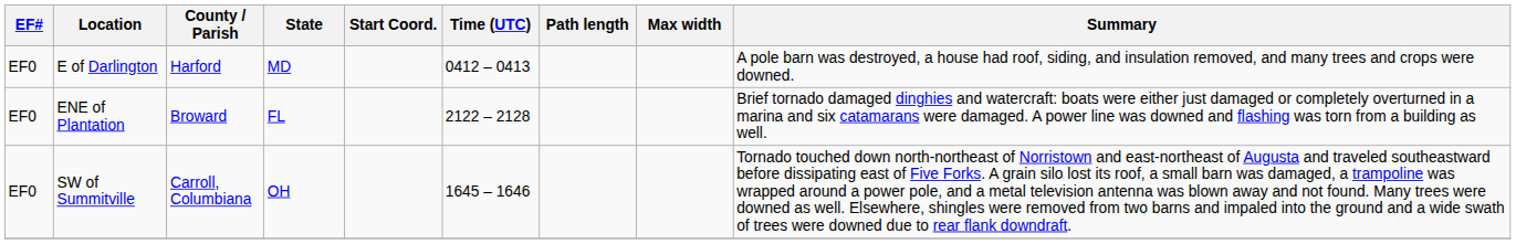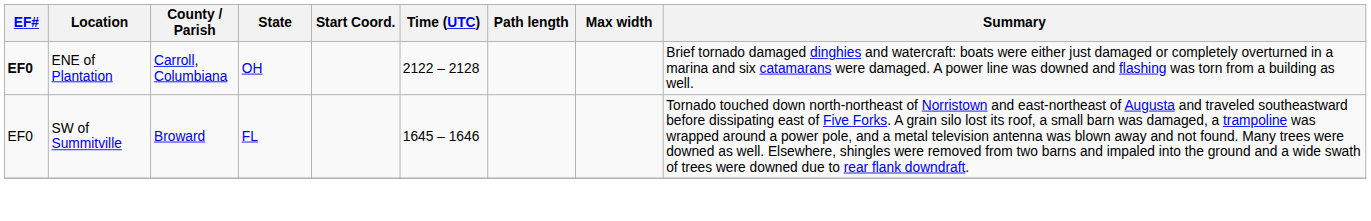 <table class="wikitable sortable" style="width:100%;">
 <tr>
 <th scope="col" width="3%" align="center"><a href='#'>EF#</a></th>
 <th scope="col" width="7%" align="center" class="unsortable">Location</th>
 <th scope="col" width="6%" align="center" class="unsortable">County / Parish</th>
 <th scope="col" width="5%" align="center">State</th>
 <th scope="col" width="6%" align="center">Start Coord.</th>
 <th scope="col" width="6%" align="center">Time (<a href='#'>UTC</a>)</th>
 <th scope="col" width="6%" align="center">Path length</th>
 <th scope="col" width="6%" align="center">Max width</th>
 <th scope="col" width="48%" class="unsortable" align="center">Summary</th>
 </tr>
 <tr>
-<td>EF0</td>
-<td>E of <a href='#'>Darlington</a></td>
-<td><a href='#'>Harford</a></td>
-<td><a href='#'>MD</a></td>
-<td></td>
-<td>0412 – 0413</td>
-<td></td>
-<td></td>
-<td>A pole barn was destroyed, a house had roof, siding, and insulation removed, and many trees and crops were downed.</td>
-</tr>
-<tr>
-<td>EF0</td>
+<td><strong>EF0</strong></td>
 <td>ENE of <a href='#'>Plantation</a></td>
-<td><a href='#'>Broward</a></td>
-<td><a href='#'>FL</a></td>
+<td><a href='#'>Carroll</a>, <a href='#'>Columbiana</a></td>
+<td><a href='#'>OH</a></td>
 <td></td>
 <td>2122 – 2128</td>
 <td></td>
 <td></td>
 <td>Brief tornado damaged <a href='#'>dinghies</a> and watercraft: boats were either just damaged or completely overturned in a marina and six <a href='#'>catamarans</a> were damaged. A power line was downed and <a href='#'>flashing</a> was torn from a building as well.</td>
 </tr>
 <tr>
 <td>EF0</td>
 <td>SW of <a href='#'>Summitville</a></td>
-<td><a href='#'>Carroll</a>, <a href='#'>Columbiana</a></td>
-<td><a href='#'>OH</a></td>
+<td><a href='#'>Broward</a></td>
+<td><a href='#'>FL</a></td>
 <td></td>
 <td>1645 – 1646</td>
 <td></td>
 <td></td>
 <td>Tornado touched down north-northeast of <a href='#'>Norristown</a> and east-northeast of <a href='#'>Augusta</a> and traveled southeastward before dissipating east of <a href='#'>Five Forks</a>. A grain silo lost its roof, a small barn was damaged, a <a href='#'>trampoline</a> was wrapped around a power pole, and a metal television antenna was blown away and not found. Many trees were downed as well. Elsewhere, shingles were removed from two barns and impaled into the ground and a  wide swath of trees were downed due to <a href='#'>rear flank downdraft</a>.</td>
 </tr>
 <tr>
 </tr>
 </table>
